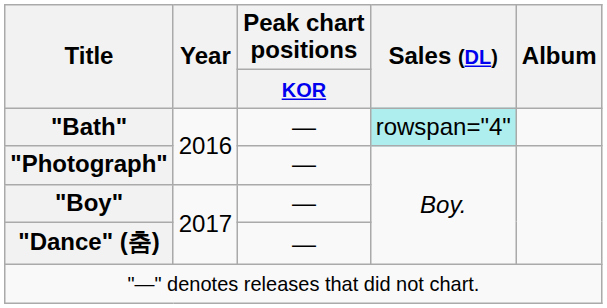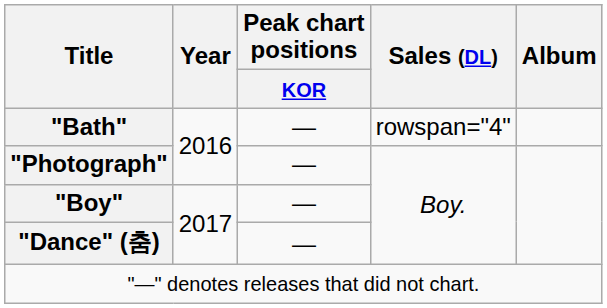 <table class="wikitable plainrowheaders" style="text-align:center;">
 <tr>
 <th scope="col" rowspan="2">Title</th>
 <th scope="col" rowspan="2">Year</th>
 <th scope="col" colspan="1">Peak chart <br> positions</th>
 <th scope="col" rowspan="2">Sales <small>(<a href='#'>DL</a>)</small></th>
 <th scope="col" rowspan="2">Album</th>
 </tr>
 <tr>
 <th><small><a href='#'>KOR</a></small><br></th>
 </tr>
 <tr>
 <th scope="row">"Bath"</th>
 <td rowspan="2">2016</td>
 <td>—</td>
-<td style="background: paleturquoise;">rowspan="4" </td>
+<td>rowspan="4" </td>
 <td></td>
 </tr>
 <tr>
 <th scope="row">"Photograph"</th>
 <td>—</td>
 <td rowspan="3"><em>Boy.</em></td>
 </tr>
 <tr>
 <th scope="row">"Boy"</th>
 <td rowspan="2">2017</td>
 <td>—</td>
 </tr>
 <tr>
 <th scope="row">"Dance" (춤)</th>
 <td>—</td>
 </tr>
 <tr>
 <td colspan="5" align="center"><small>"—" denotes releases that did not chart.</small></td>
 </tr>
 </table>
